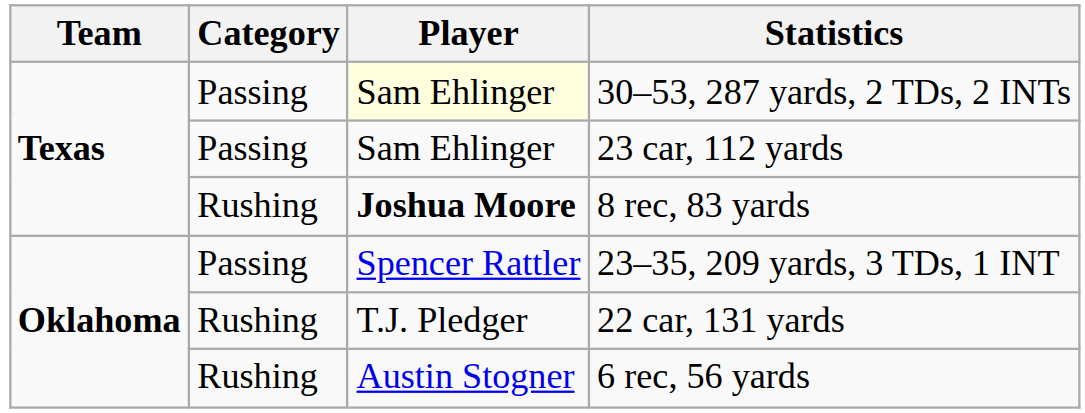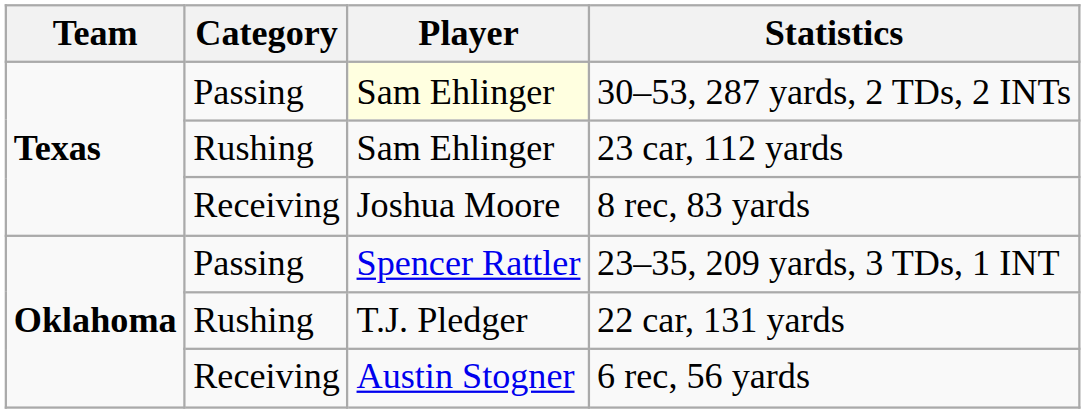 <table class="wikitable" style="float: right;">
 <tr>
 <th>Team</th>
 <th>Category</th>
 <th>Player</th>
 <th>Statistics</th>
 </tr>
 <tr>
 <td rowspan=3><strong>Texas</strong></td>
 <td>Passing</td>
 <td style="background: lightyellow;">Sam Ehlinger</td>
 <td>30–53, 287 yards, 2 TDs, 2 INTs</td>
 </tr>
 <tr>
-<td>Passing</td>
+<td>Rushing</td>
 <td>Sam Ehlinger</td>
 <td>23 car, 112 yards</td>
 </tr>
 <tr>
-<td>Rushing</td>
-<td><strong>Joshua Moore</strong></td>
+<td>Receiving</td>
+<td>Joshua Moore</td>
 <td>8 rec, 83 yards</td>
 </tr>
 <tr>
 <td rowspan=3><strong>Oklahoma</strong></td>
 <td>Passing</td>
 <td><a href='#'>Spencer Rattler</a></td>
 <td>23–35, 209 yards, 3 TDs, 1 INT</td>
 </tr>
 <tr>
 <td>Rushing</td>
 <td>T.J. Pledger</td>
 <td>22 car, 131 yards</td>
 </tr>
 <tr>
-<td>Rushing</td>
+<td>Receiving</td>
 <td><a href='#'>Austin Stogner</a></td>
 <td>6 rec, 56 yards</td>
 </tr>
 </table>
